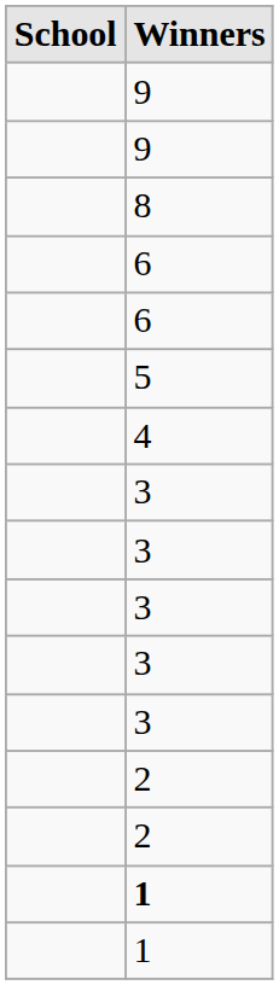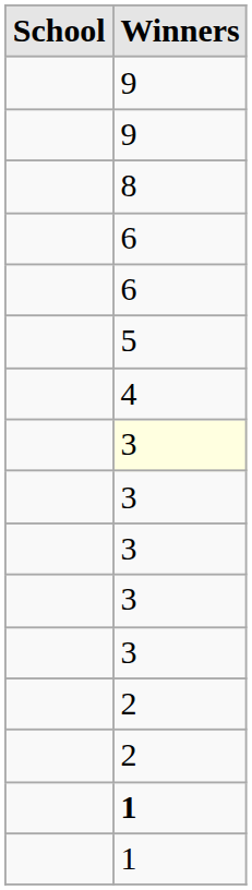 <table class="wikitable">
 <tr>
 <th style="background:#e5e5e5;">School</th>
 <th style="background:#e5e5e5;">Winners</th>
 </tr>
 <tr>
 <td><strong><a href='#'></a></strong></td>
 <td>9</td>
 </tr>
 <tr>
 <td><strong><a href='#'></a></strong></td>
 <td>9</td>
 </tr>
 <tr>
 <td><strong><a href='#'></a></strong></td>
 <td>8</td>
 </tr>
 <tr>
 <td><strong><a href='#'></a></strong></td>
 <td>6</td>
 </tr>
 <tr>
 <td><strong><a href='#'></a></strong></td>
 <td>6</td>
 </tr>
 <tr>
 <td><strong><a href='#'></a></strong></td>
 <td>5</td>
 </tr>
 <tr>
 <td><strong><a href='#'></a></strong></td>
 <td>4</td>
 </tr>
 <tr>
 <td><strong><a href='#'></a></strong></td>
-<td>3</td>
+<td style="background: lightyellow;">3</td>
 </tr>
 <tr>
 <td><strong><a href='#'></a></strong></td>
 <td>3</td>
 </tr>
 <tr>
 <td><strong><a href='#'></a></strong></td>
 <td>3</td>
 </tr>
 <tr>
 <td><strong><a href='#'></a></strong></td>
 <td>3</td>
 </tr>
 <tr>
 <td><strong><a href='#'></a></strong></td>
 <td>3</td>
 </tr>
 <tr>
 <td><strong><a href='#'></a></strong></td>
 <td>2</td>
 </tr>
 <tr>
 <td><strong><a href='#'></a></strong></td>
 <td>2</td>
 </tr>
 <tr>
 <td><strong><a href='#'></a></strong></td>
 <td><strong>1</strong></td>
 </tr>
 <tr>
 <td><strong><a href='#'></a></strong></td>
 <td>1</td>
 </tr>
 </table>
